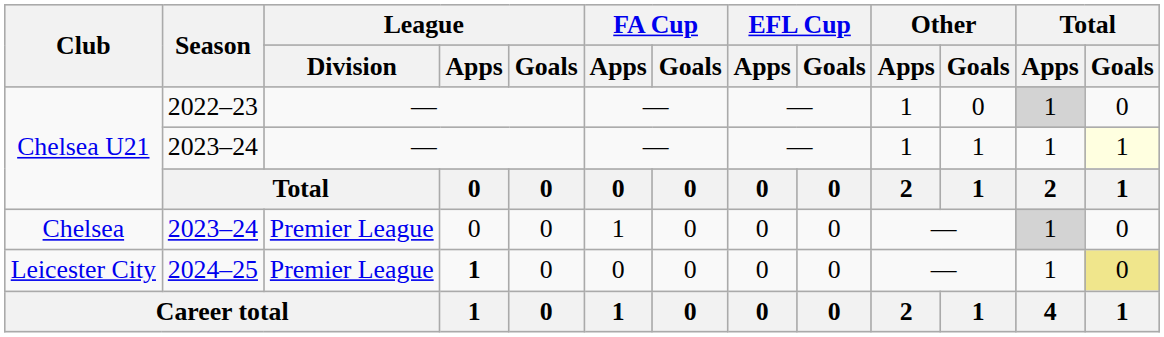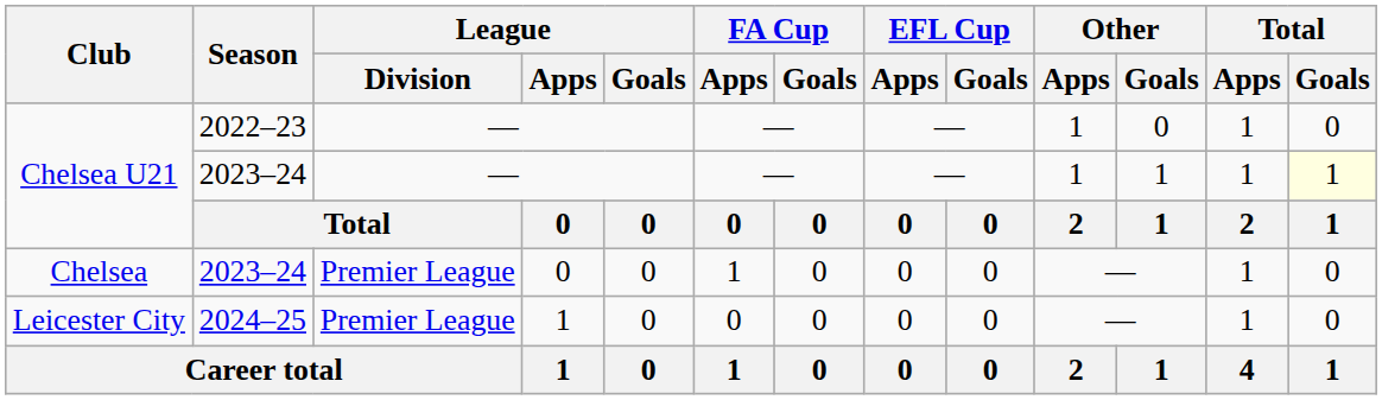 <table class="wikitable" style="text-align: center;">
 <tr>
 <th rowspan=2>Club</th>
 <th rowspan=2>Season</th>
 <th colspan=3>League</th>
 <th colspan=2><a href='#'>FA Cup</a></th>
 <th colspan=2><a href='#'>EFL Cup</a></th>
 <th colspan=2>Other</th>
 <th colspan=2>Total</th>
 </tr>
 <tr>
 <th>Division</th>
 <th>Apps</th>
 <th>Goals</th>
 <th>Apps</th>
 <th>Goals</th>
 <th>Apps</th>
 <th>Goals</th>
 <th>Apps</th>
 <th>Goals</th>
 <th>Apps</th>
 <th>Goals</th>
 </tr>
 <tr>
 <td rowspan=3><a href='#'>Chelsea U21</a></td>
 <td>2022–23</td>
 <td colspan=3>—</td>
 <td colspan=2>—</td>
 <td colspan=2>—</td>
 <td>1</td>
 <td>0</td>
-<td style="background: lightgrey;">1</td>
+<td>1</td>
 <td>0</td>
 </tr>
 <tr>
 <td>2023–24</td>
 <td colspan=3>—</td>
 <td colspan=2>—</td>
 <td colspan=2>—</td>
 <td>1</td>
 <td>1</td>
 <td>1</td>
 <td style="background: lightyellow;">1</td>
 </tr>
 <tr>
 <th colspan=2>Total</th>
 <th>0</th>
 <th>0</th>
 <th>0</th>
 <th>0</th>
 <th>0</th>
 <th>0</th>
 <th>2</th>
 <th>1</th>
 <th>2</th>
 <th>1</th>
 </tr>
 <tr>
 <td><a href='#'>Chelsea</a></td>
 <td><a href='#'>2023–24</a></td>
 <td><a href='#'>Premier League</a></td>
 <td>0</td>
 <td>0</td>
 <td>1</td>
 <td>0</td>
 <td>0</td>
 <td>0</td>
 <td colspan=2>—</td>
-<td style="background: lightgrey;">1</td>
+<td>1</td>
 <td>0</td>
 </tr>
 <tr>
 <td><a href='#'>Leicester City</a></td>
 <td><a href='#'>2024–25</a></td>
 <td><a href='#'>Premier League</a></td>
-<td><strong>1</strong></td>
+<td>1</td>
 <td>0</td>
 <td>0</td>
 <td>0</td>
 <td>0</td>
 <td>0</td>
 <td colspan=2>—</td>
 <td>1</td>
-<td style="background: khaki;">0</td>
+<td>0</td>
 </tr>
 <tr>
 <th colspan=3>Career total</th>
 <th>1</th>
 <th>0</th>
 <th>1</th>
 <th>0</th>
 <th>0</th>
 <th>0</th>
 <th>2</th>
 <th>1</th>
 <th>4</th>
 <th>1</th>
 </tr>
 </table>
